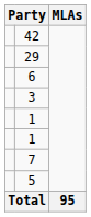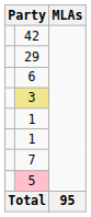 <table class="wikitable">
 <tr>
 <th colspan=2>Party</th>
 <th>MLAs</th>
 </tr>
 <tr>
 <td></td>
 <td align=center>42</td>
 </tr>
 <tr>
 <td></td>
 <td align=center>29</td>
 </tr>
 <tr>
 <td></td>
 <td align=center>6</td>
 </tr>
 <tr>
 <td></td>
-<td align=center>3</td>
+<td align=center style="background: khaki;">3</td>
 </tr>
 <tr>
 <td></td>
 <td align=center>1</td>
 </tr>
 <tr>
 <td></td>
 <td align=center>1</td>
 </tr>
 <tr>
 <td></td>
 <td align=center>7</td>
 </tr>
 <tr>
 <td></td>
-<td align=center>5</td>
+<td align=center style="background: pink;">5</td>
 </tr>
 <tr>
 <th colspan=2>Total</th>
 <th>95</th>
 </tr>
 </table>
